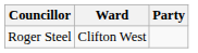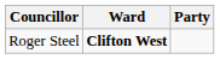 <table class="wikitable sortable">
 <tr>
 <th scope="col">Councillor</th>
 <th scope="col">Ward</th>
 <th colspan="2" scope="col">Party</th>
 </tr>
 <tr>
 <td>Roger Steel</td>
-<td>Clifton West</td>
+<td><strong>Clifton West</strong></td>
 <td></td>
 </tr>
 </table>
